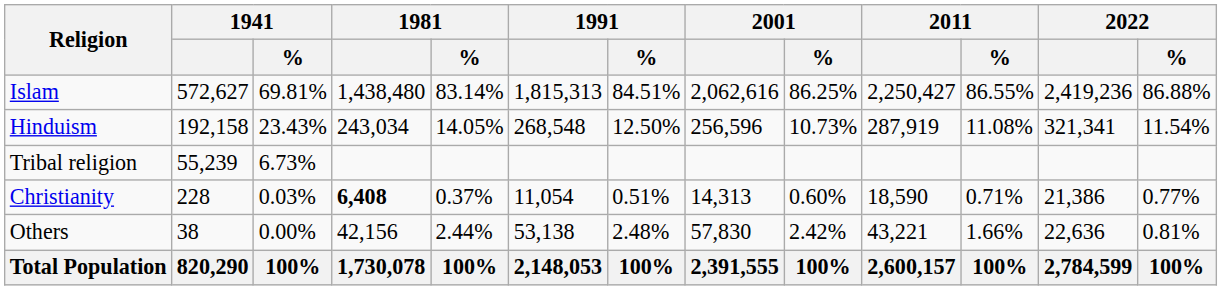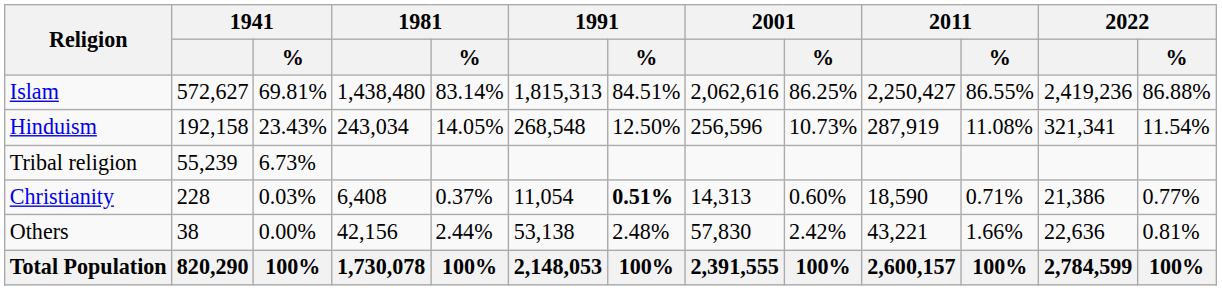 <table class="wikitable sortable">
 <tr>
 <th rowspan="2">Religion</th>
 <th colspan="2">1941</th>
 <th colspan="2">1981</th>
 <th colspan="2">1991</th>
 <th colspan="2">2001</th>
 <th colspan="2">2011</th>
 <th colspan="2">2022</th>
 </tr>
 <tr>
 <th></th>
 <th>%</th>
 <th></th>
 <th>%</th>
 <th></th>
 <th>%</th>
 <th></th>
 <th>%</th>
 <th></th>
 <th>%</th>
 <th></th>
 <th>%</th>
 </tr>
 <tr>
 <td><a href='#'>Islam</a> </td>
 <td>572,627</td>
 <td>69.81%</td>
 <td>1,438,480</td>
 <td>83.14%</td>
 <td>1,815,313</td>
 <td>84.51%</td>
 <td>2,062,616</td>
 <td>86.25%</td>
 <td>2,250,427</td>
 <td>86.55%</td>
 <td>2,419,236</td>
 <td>86.88%</td>
 </tr>
 <tr>
 <td><a href='#'>Hinduism</a> </td>
 <td>192,158</td>
 <td>23.43%</td>
 <td>243,034</td>
 <td>14.05%</td>
 <td>268,548</td>
 <td>12.50%</td>
 <td>256,596</td>
 <td>10.73%</td>
 <td>287,919</td>
 <td>11.08%</td>
 <td>321,341</td>
 <td>11.54%</td>
 </tr>
 <tr>
 <td>Tribal religion</td>
 <td>55,239</td>
 <td>6.73%</td>
 <td></td>
 <td></td>
 <td></td>
 <td></td>
 <td></td>
 <td></td>
 <td></td>
 <td></td>
 <td></td>
 <td></td>
 </tr>
 <tr>
 <td><a href='#'>Christianity</a> </td>
 <td>228</td>
 <td>0.03%</td>
-<td><strong>6,408</strong></td>
+<td>6,408</td>
 <td>0.37%</td>
 <td>11,054</td>
-<td>0.51%</td>
+<td><strong>0.51%</strong></td>
 <td>14,313</td>
 <td>0.60%</td>
 <td>18,590</td>
 <td>0.71%</td>
 <td>21,386</td>
 <td>0.77%</td>
 </tr>
 <tr>
 <td>Others </td>
 <td>38</td>
 <td>0.00%</td>
 <td>42,156</td>
 <td>2.44%</td>
 <td>53,138</td>
 <td>2.48%</td>
 <td>57,830</td>
 <td>2.42%</td>
 <td>43,221</td>
 <td>1.66%</td>
 <td>22,636</td>
 <td>0.81%</td>
 </tr>
 <tr>
 <th>Total Population</th>
 <th><strong>820,290</strong></th>
 <th>100%</th>
 <th>1,730,078</th>
 <th>100%</th>
 <th>2,148,053</th>
 <th>100%</th>
 <th>2,391,555</th>
 <th>100%</th>
 <th>2,600,157</th>
 <th>100%</th>
 <th>2,784,599</th>
 <th>100%</th>
 </tr>
 </table>
